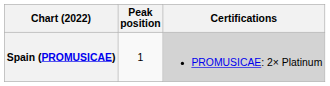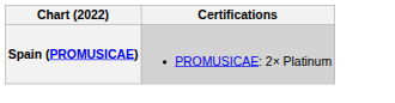 <table class="wikitable sortable plainrowheaders" style="text-align:center">
 <tr>
 <th scope="col">Chart (2022)</th>
-<th scope="col">Peak<br>position</th>
 <th>Certifications</th>
 </tr>
 <tr>
 <th scope="row">Spain (<a href='#'>PROMUSICAE</a>)</th>
-<td>1</td>
 <td style="background: lightgrey;"><br><ul><li><a href='#'>PROMUSICAE</a>: 2× Platinum</li></ul></td>
 </tr>
 </table>
